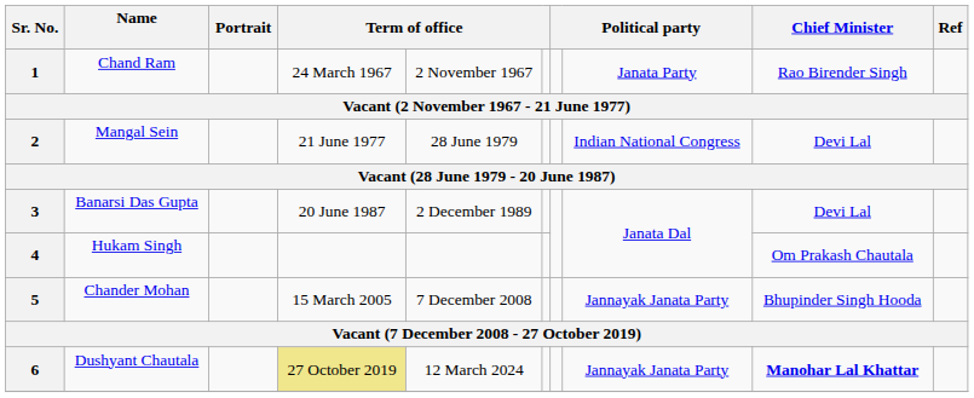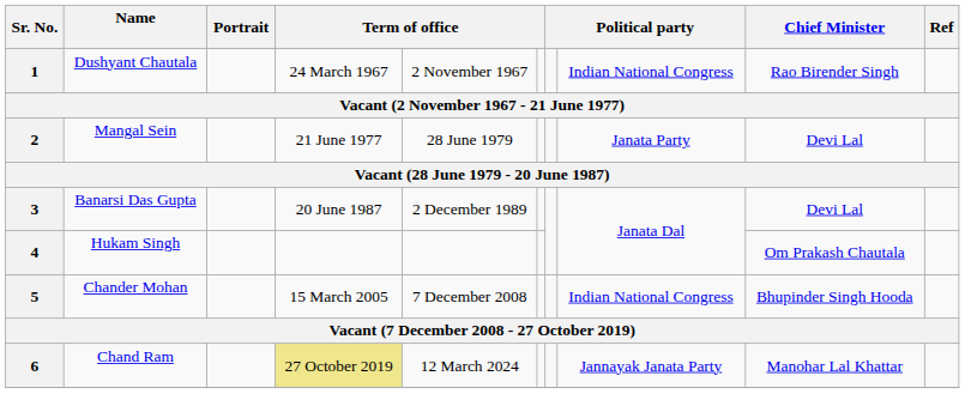 <table class="wikitable" style="width:75%; text-align:center">
 <tr>
 <th>Sr. No.</th>
 <th>Name<br><br></th>
 <th>Portrait</th>
 <th colspan=3>Term of office</th>
 <th colspan=2>Political party</th>
 <th><a href='#'>Chief Minister</a></th>
 <th>Ref</th>
 </tr>
 <tr>
 <th>1</th>
-<td><a href='#'>Chand Ram</a><br><br></td>
+<td><a href='#'>Dushyant Chautala</a><br><br></td>
 <td></td>
 <td>24 March 1967</td>
 <td>2 November 1967</td>
 <td></td>
 <td width="4px" style="background-color: "></td>
-<td><a href='#'>Janata Party</a></td>
+<td><a href='#'>Indian National Congress</a></td>
 <td><a href='#'>Rao Birender Singh</a></td>
 <td></td>
 </tr>
 <tr>
 <th colspan="10">Vacant (2 November 1967 - 21 June 1977)</th>
 </tr>
 <tr>
 <th>2</th>
 <td><a href='#'>Mangal Sein</a><br><br></td>
 <td></td>
 <td>21 June 1977</td>
 <td>28 June 1979</td>
 <td></td>
 <td width="4px" style="background-color: "></td>
-<td><a href='#'>Indian National Congress</a></td>
+<td><a href='#'>Janata Party</a></td>
 <td><a href='#'>Devi Lal</a></td>
 <td></td>
 </tr>
 <tr>
 <th colspan="10">Vacant (28 June 1979 - 20 June 1987)</th>
 </tr>
 <tr>
 <th>3</th>
 <td><a href='#'>Banarsi Das Gupta</a><br><br></td>
 <td></td>
 <td>20 June 1987</td>
 <td>2 December 1989</td>
 <td></td>
 <td rowspan="2" width="4px" style="background-color: "></td>
 <td rowspan="2"><a href='#'>Janata Dal</a></td>
 <td><a href='#'>Devi Lal</a></td>
 <td></td>
 </tr>
 <tr>
 <th>4</th>
 <td><a href='#'>Hukam Singh</a><br><br></td>
 <td></td>
 <td></td>
 <td></td>
 <td></td>
 <td><a href='#'>Om Prakash Chautala</a></td>
 <td></td>
 </tr>
 <tr>
 <th>5</th>
 <td><a href='#'>Chander Mohan</a><br><br></td>
 <td></td>
 <td>15 March 2005</td>
 <td>7 December 2008</td>
 <td></td>
 <td width="4px" style="background-color: "></td>
-<td><a href='#'>Jannayak Janata Party</a></td>
+<td><a href='#'>Indian National Congress</a></td>
 <td><a href='#'>Bhupinder Singh Hooda</a></td>
 <td></td>
 </tr>
 <tr>
 <th colspan="10">Vacant (7 December 2008 - 27 October 2019)</th>
 </tr>
 <tr>
 <th>6</th>
-<td><a href='#'>Dushyant Chautala</a><br><br></td>
+<td><a href='#'>Chand Ram</a><br><br></td>
 <td></td>
 <td style="background: khaki;">27 October 2019</td>
 <td>12 March 2024</td>
 <td></td>
 <td width="4px" style="background-color: "></td>
 <td><a href='#'>Jannayak Janata Party</a></td>
-<td><strong><a href='#'>Manohar Lal Khattar</a></strong></td>
+<td><a href='#'>Manohar Lal Khattar</a></td>
 <td></td>
 </tr>
 <tr>
 </tr>
 </table>
